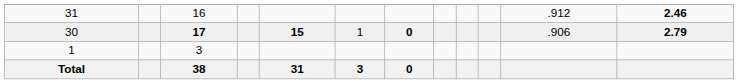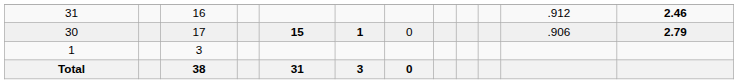 <table class="wikitable sortable" width ="1000">
 <tr align="center">
 </tr>
 <tr align="center">
 <td>31</td>
 <td></td>
 <td>16</td>
 <td></td>
 <td></td>
 <td></td>
 <td></td>
 <td></td>
 <td></td>
 <td></td>
 <td>.912</td>
 <td><strong>2.46</strong></td>
 </tr>
 <tr align="center" bgcolor="#f0f0f0">
 <td>30</td>
 <td></td>
-<td><strong>17</strong></td>
+<td>17</td>
 <td></td>
 <td><strong>15</strong></td>
-<td>1</td>
-<td><strong>0</strong></td>
+<td><strong>1</strong></td>
+<td>0</td>
 <td></td>
 <td></td>
 <td></td>
 <td>.906</td>
 <td><strong>2.79</strong></td>
 </tr>
 <tr align="center">
 <td>1</td>
 <td></td>
 <td>3</td>
 <td></td>
 <td></td>
 <td></td>
 <td></td>
 <td></td>
 <td></td>
 <td></td>
 <td></td>
 <td></td>
 </tr>
 <tr align="center" bgcolor="#f0f0f0">
 <th>Total</th>
 <th></th>
 <th>38</th>
 <th></th>
 <th>31</th>
 <th>3</th>
 <th>0</th>
 <th></th>
 <th></th>
 <th></th>
 <th></th>
 <th></th>
 </tr>
 </table>
